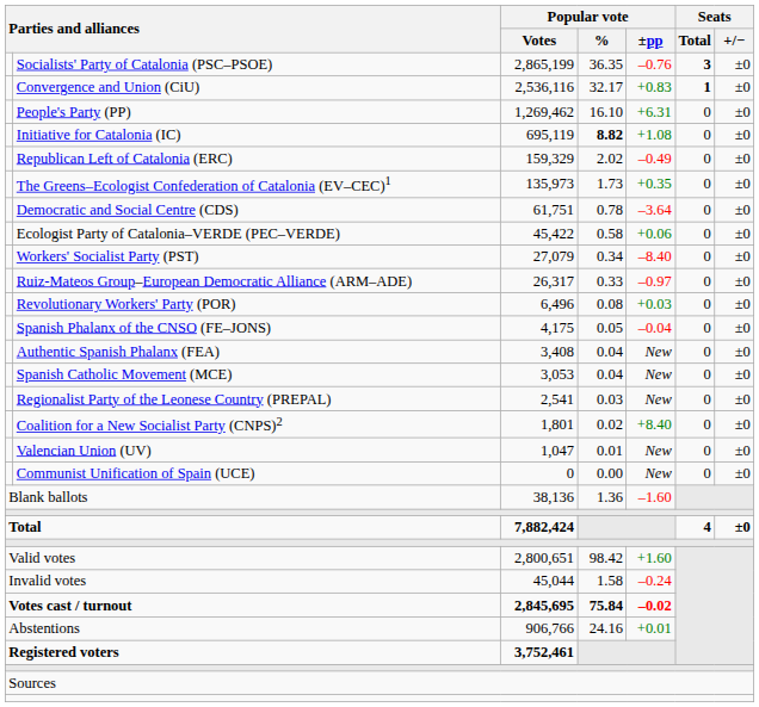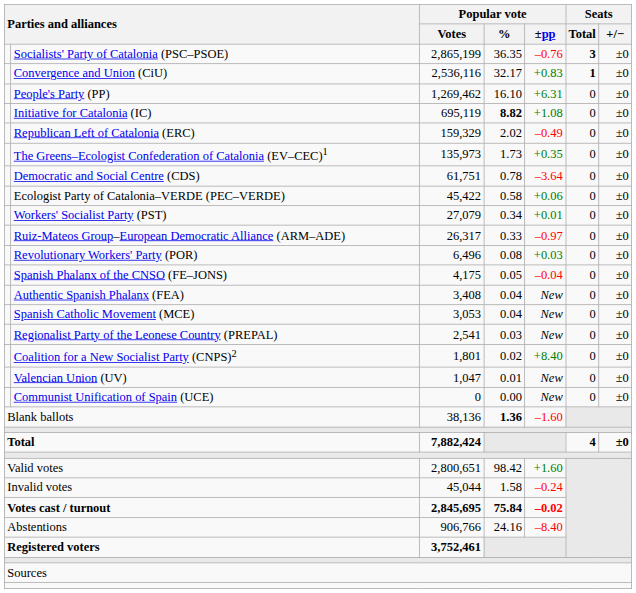 <table class="wikitable" style="text-align:right;">
 <tr>
 <th style="text-align:left;" rowspan="2" colspan="2" width="525">Parties and alliances</th>
 <th colspan="3">Popular vote</th>
 <th colspan="2">Seats</th>
 </tr>
 <tr>
 <th width="75">Votes</th>
 <th width="45">%</th>
 <th width="45">±<a href='#'>pp</a></th>
 <th width="35">Total</th>
 <th width="35">+/−</th>
 </tr>
 <tr>
 <td width="1" style="color:inherit;background:"></td>
 <td align="left"><a href='#'>Socialists' Party of Catalonia</a> (PSC–PSOE)</td>
 <td>2,865,199</td>
 <td>36.35</td>
 <td style="color:red;">–0.76</td>
 <td><strong>3</strong></td>
 <td>±0</td>
 </tr>
 <tr>
 <td style="color:inherit;background:"></td>
 <td align="left"><a href='#'>Convergence and Union</a> (CiU)</td>
 <td>2,536,116</td>
 <td>32.17</td>
 <td style="color:green;">+0.83</td>
 <td><strong>1</strong></td>
 <td>±0</td>
 </tr>
 <tr>
 <td style="color:inherit;background:"></td>
 <td align="left"><a href='#'>People's Party</a> (PP)</td>
 <td>1,269,462</td>
 <td>16.10</td>
 <td style="color:green;">+6.31</td>
 <td>0</td>
 <td>±0</td>
 </tr>
 <tr>
 <td style="color:inherit;background:"></td>
 <td align="left"><a href='#'>Initiative for Catalonia</a> (IC)</td>
 <td>695,119</td>
 <td><strong>8.82</strong></td>
 <td style="color:green;">+1.08</td>
 <td>0</td>
 <td>±0</td>
 </tr>
 <tr>
 <td style="color:inherit;background:"></td>
 <td align="left"><a href='#'>Republican Left of Catalonia</a> (ERC)</td>
 <td>159,329</td>
 <td>2.02</td>
 <td style="color:red;">–0.49</td>
 <td>0</td>
 <td>±0</td>
 </tr>
 <tr>
 <td style="color:inherit;background:"></td>
 <td align="left"><a href='#'>The Greens–Ecologist Confederation of Catalonia</a> (EV–CEC)<sup>1</sup></td>
 <td>135,973</td>
 <td>1.73</td>
 <td style="color:green;">+0.35</td>
 <td>0</td>
 <td>±0</td>
 </tr>
 <tr>
 <td style="color:inherit;background:"></td>
 <td align="left"><a href='#'>Democratic and Social Centre</a> (CDS)</td>
 <td>61,751</td>
 <td>0.78</td>
 <td style="color:red;">–3.64</td>
 <td>0</td>
 <td>±0</td>
 </tr>
 <tr>
 <td style="color:inherit;background:"></td>
 <td align="left">Ecologist Party of Catalonia–VERDE (PEC–VERDE)</td>
 <td>45,422</td>
 <td>0.58</td>
 <td style="color:green;">+0.06</td>
 <td>0</td>
 <td>±0</td>
 </tr>
 <tr>
 <td style="color:inherit;background:"></td>
 <td align="left"><a href='#'>Workers' Socialist Party</a> (PST)</td>
 <td>27,079</td>
 <td>0.34</td>
-<td style="color:red;">–8.40</td>
+<td style="color:green;">+0.01</td>
 <td>0</td>
 <td>±0</td>
 </tr>
 <tr>
 <td style="color:inherit;background:"></td>
 <td align="left"><a href='#'>Ruiz-Mateos Group</a>–<a href='#'>European Democratic Alliance</a> (ARM–ADE)</td>
 <td>26,317</td>
 <td>0.33</td>
 <td style="color:red;">–0.97</td>
 <td>0</td>
 <td>±0</td>
 </tr>
 <tr>
 <td style="color:inherit;background:"></td>
 <td align="left"><a href='#'>Revolutionary Workers' Party</a> (POR)</td>
 <td>6,496</td>
 <td>0.08</td>
 <td style="color:green;">+0.03</td>
 <td>0</td>
 <td>±0</td>
 </tr>
 <tr>
 <td style="color:inherit;background:"></td>
 <td align="left"><a href='#'>Spanish Phalanx of the CNSO</a> (FE–JONS)</td>
 <td>4,175</td>
 <td>0.05</td>
 <td style="color:red;">–0.04</td>
 <td>0</td>
 <td>±0</td>
 </tr>
 <tr>
 <td style="color:inherit;background:"></td>
 <td align="left"><a href='#'>Authentic Spanish Phalanx</a> (FEA)</td>
 <td>3,408</td>
 <td>0.04</td>
 <td><em>New</em></td>
 <td>0</td>
 <td>±0</td>
 </tr>
 <tr>
 <td style="color:inherit;background:"></td>
 <td align="left"><a href='#'>Spanish Catholic Movement</a> (MCE)</td>
 <td>3,053</td>
 <td>0.04</td>
 <td><em>New</em></td>
 <td>0</td>
 <td>±0</td>
 </tr>
 <tr>
 <td style="color:inherit;background:"></td>
 <td align="left"><a href='#'>Regionalist Party of the Leonese Country</a> (PREPAL)</td>
 <td>2,541</td>
 <td>0.03</td>
 <td><em>New</em></td>
 <td>0</td>
 <td>±0</td>
 </tr>
 <tr>
 <td style="color:inherit;background:"></td>
 <td align="left"><a href='#'>Coalition for a New Socialist Party</a> (CNPS)<sup>2</sup></td>
 <td>1,801</td>
 <td>0.02</td>
 <td style="color:green;">+8.40</td>
 <td>0</td>
 <td>±0</td>
 </tr>
 <tr>
 <td style="color:inherit;background:"></td>
 <td align="left"><a href='#'>Valencian Union</a> (UV)</td>
 <td>1,047</td>
 <td>0.01</td>
 <td><em>New</em></td>
 <td>0</td>
 <td>±0</td>
 </tr>
 <tr>
 <td style="color:inherit;background:"></td>
 <td align="left"><a href='#'>Communist Unification of Spain</a> (UCE)</td>
 <td>0</td>
 <td>0.00</td>
 <td><em>New</em></td>
 <td>0</td>
 <td>±0</td>
 </tr>
 <tr>
 <td align="left" colspan="2">Blank ballots</td>
 <td>38,136</td>
-<td>1.36</td>
+<td><strong>1.36</strong></td>
 <td style="color:red;">–1.60</td>
 <td bgcolor="#E9E9E9" colspan="2"></td>
 </tr>
 <tr>
 <td colspan="7" bgcolor="#E9E9E9"></td>
 </tr>
 <tr style="font-weight:bold;">
 <td align="left" colspan="2">Total</td>
 <td>7,882,424</td>
 <td bgcolor="#E9E9E9" colspan="2"></td>
 <td>4</td>
 <td>±0</td>
 </tr>
 <tr>
 <td colspan="7" bgcolor="#E9E9E9"></td>
 </tr>
 <tr>
 <td align="left" colspan="2">Valid votes</td>
 <td>2,800,651</td>
 <td>98.42</td>
 <td style="color:green;">+1.60</td>
 <td bgcolor="#E9E9E9" colspan="2" rowspan="5"></td>
 </tr>
 <tr>
 <td align="left" colspan="2">Invalid votes</td>
 <td>45,044</td>
 <td>1.58</td>
 <td style="color:red;">–0.24</td>
 </tr>
 <tr style="font-weight:bold;">
 <td align="left" colspan="2">Votes cast / turnout</td>
 <td>2,845,695</td>
 <td>75.84</td>
 <td style="color:red;">–0.02</td>
 </tr>
 <tr>
 <td align="left" colspan="2">Abstentions</td>
 <td>906,766</td>
 <td>24.16</td>
-<td style="color:green;">+0.01</td>
+<td style="color:red;">–8.40</td>
 </tr>
 <tr style="font-weight:bold;">
 <td align="left" colspan="2">Registered voters</td>
 <td>3,752,461</td>
 <td bgcolor="#E9E9E9" colspan="2"></td>
 </tr>
 <tr>
 <td colspan="7" bgcolor="#E9E9E9"></td>
 </tr>
 <tr>
 <td align="left" colspan="7">Sources</td>
 </tr>
 <tr>
 <td colspan="7" style="text-align:left; max-width:790px;"></td>
 </tr>
 </table>
